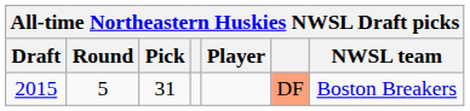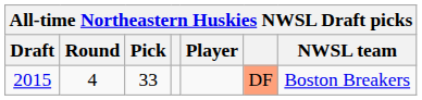 <table class="wikitable sortable" style="text-align: center;">
 <tr>
 <th colspan="7" style="background:#">All-time <a href='#'><span>Northeastern Huskies</span></a> NWSL Draft picks</th>
 </tr>
 <tr>
 <th scope="col">Draft</th>
 <th scope="col">Round</th>
 <th scope="col">Pick</th>
 <th scope="col"></th>
 <th scope="col">Player</th>
 <th scope="col"></th>
 <th scope="col">NWSL team</th>
 </tr>
 <tr>
 <td><a href='#'>2015</a></td>
-<td>5</td>
-<td>31</td>
+<td>4</td>
+<td>33</td>
 <td></td>
 <td></td>
 <td style="background: lightsalmon;">DF</td>
 <td><a href='#'>Boston Breakers</a></td>
 </tr>
 </table>
